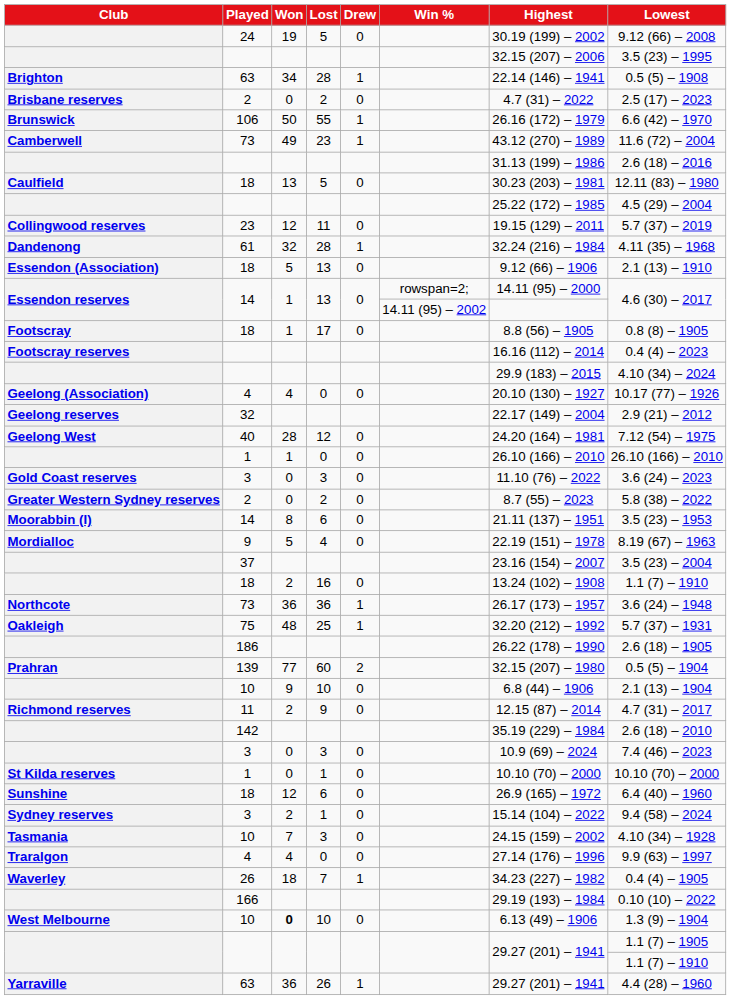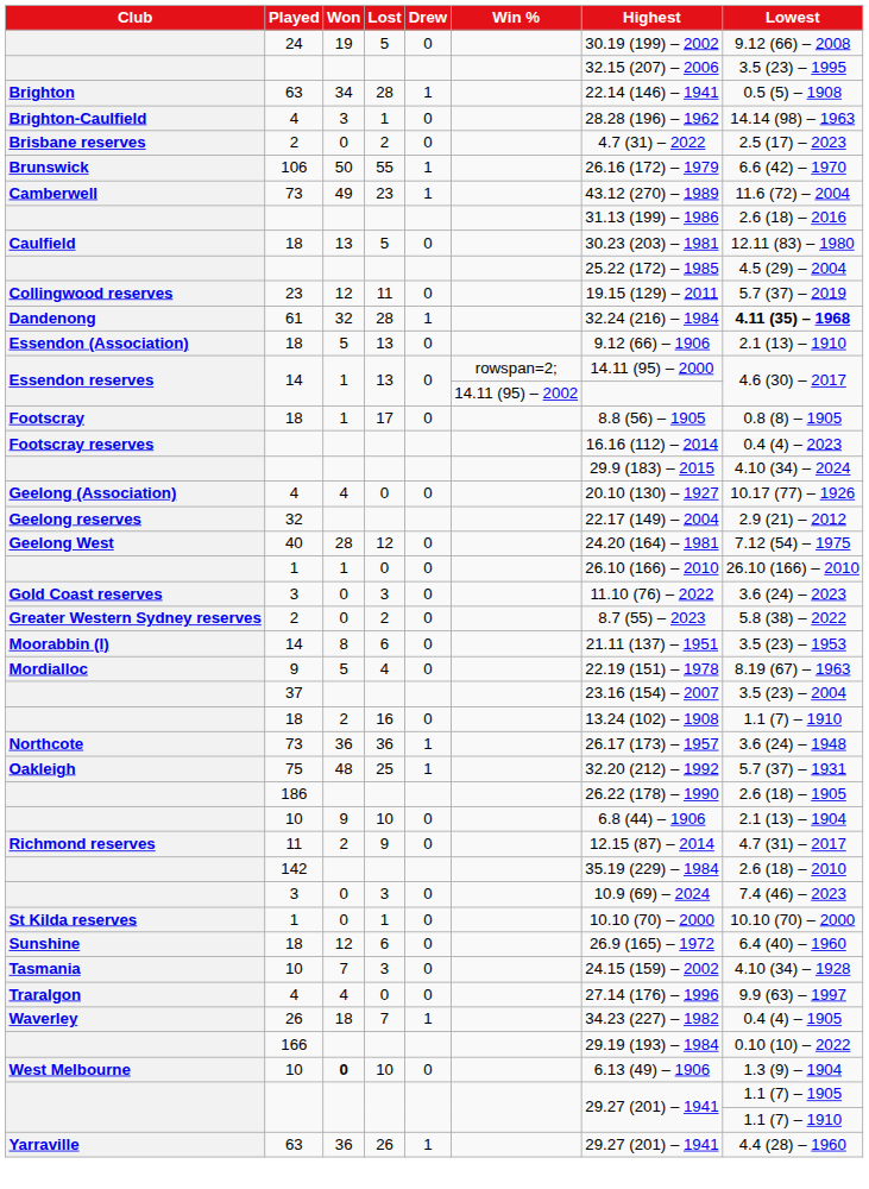 <table class="wikitable" style="text-align:center">
 <tr style="color:#FFFFFF; text-align:center; background:#E41118;">
 <td><strong>Club</strong></td>
 <td><strong>Played</strong></td>
 <td><strong>Won</strong></td>
 <td><strong>Lost</strong></td>
 <td><strong>Drew</strong></td>
 <td><strong>Win %</strong></td>
 <td><strong>Highest</strong></td>
 <td><strong>Lowest</strong></td>
 </tr>
 <tr>
 <th style=text-align:left></th>
 <td>24</td>
 <td>19</td>
 <td>5</td>
 <td>0</td>
 <td></td>
 <td>30.19 (199) – <a href='#'>2002</a></td>
 <td>9.12 (66) – <a href='#'>2008</a></td>
 </tr>
 <tr>
 <th style=text-align:left></th>
 <td></td>
 <td></td>
 <td></td>
 <td></td>
 <td></td>
 <td>32.15 (207) – <a href='#'>2006</a></td>
 <td>3.5 (23) – <a href='#'>1995</a></td>
 </tr>
 <tr>
 <th style=text-align:left><a href='#'>Brighton</a></th>
 <td>63</td>
 <td>34</td>
 <td>28</td>
 <td>1</td>
 <td></td>
 <td>22.14 (146) – <a href='#'>1941</a></td>
 <td>0.5 (5) – <a href='#'>1908</a></td>
+</tr>
+<tr>
+<th style=text-align:left><a href='#'>Brighton-Caulfield</a></th>
+<td>4</td>
+<td>3</td>
+<td>1</td>
+<td>0</td>
+<td></td>
+<td>28.28 (196) – <a href='#'>1962</a></td>
+<td>14.14 (98) – <a href='#'>1963</a></td>
 </tr>
 <tr>
 <th style=text-align:left><a href='#'>Brisbane reserves</a></th>
 <td>2</td>
 <td>0</td>
 <td>2</td>
 <td>0</td>
 <td></td>
 <td>4.7 (31) – <a href='#'>2022</a></td>
 <td>2.5 (17) – <a href='#'>2023</a></td>
 </tr>
 <tr>
 <th style=text-align:left><a href='#'>Brunswick</a></th>
 <td>106</td>
 <td>50</td>
 <td>55</td>
 <td>1</td>
 <td></td>
 <td>26.16 (172) – <a href='#'>1979</a></td>
 <td>6.6 (42) – <a href='#'>1970</a></td>
 </tr>
 <tr>
 <th style=text-align:left><a href='#'>Camberwell</a></th>
 <td>73</td>
 <td>49</td>
 <td>23</td>
 <td>1</td>
 <td></td>
 <td>43.12 (270) – <a href='#'>1989</a></td>
 <td>11.6 (72) – <a href='#'>2004</a></td>
 </tr>
 <tr>
 <th style=text-align:left></th>
 <td></td>
 <td></td>
 <td></td>
 <td></td>
 <td></td>
 <td>31.13 (199) – <a href='#'>1986</a></td>
 <td>2.6 (18) – <a href='#'>2016</a></td>
 </tr>
 <tr>
 <th style=text-align:left><a href='#'>Caulfield</a></th>
 <td>18</td>
 <td>13</td>
 <td>5</td>
 <td>0</td>
 <td></td>
 <td>30.23 (203) – <a href='#'>1981</a></td>
 <td>12.11 (83) – <a href='#'>1980</a></td>
 </tr>
 <tr>
 <th style=text-align:left></th>
 <td></td>
 <td></td>
 <td></td>
 <td></td>
 <td></td>
 <td>25.22 (172) – <a href='#'>1985</a></td>
 <td>4.5 (29) – <a href='#'>2004</a></td>
 </tr>
 <tr>
 <th style=text-align:left><a href='#'>Collingwood reserves</a></th>
 <td>23</td>
 <td>12</td>
 <td>11</td>
 <td>0</td>
 <td></td>
 <td>19.15 (129) – <a href='#'>2011</a></td>
 <td>5.7 (37) – <a href='#'>2019</a></td>
 </tr>
 <tr>
 <th style=text-align:left><a href='#'>Dandenong</a></th>
 <td>61</td>
 <td>32</td>
 <td>28</td>
 <td>1</td>
 <td></td>
 <td>32.24 (216) – <a href='#'>1984</a></td>
-<td>4.11 (35) – <a href='#'>1968</a></td>
+<td><strong>4.11 (35) – <a href='#'>1968</a></strong></td>
 </tr>
 <tr>
 <th style=text-align:left><a href='#'>Essendon (Association)</a></th>
 <td>18</td>
 <td>5</td>
 <td>13</td>
 <td>0</td>
 <td></td>
 <td>9.12 (66) – <a href='#'>1906</a></td>
 <td>2.1 (13) – <a href='#'>1910</a></td>
 </tr>
 <tr>
 <th rowspan=2; style=text-align:left><a href='#'>Essendon reserves</a></th>
 <td rowspan=2>14</td>
 <td rowspan=2>1</td>
 <td rowspan=2>13</td>
 <td rowspan=2>0</td>
 <td>rowspan=2; </td>
 <td>14.11 (95) – <a href='#'>2000</a></td>
 <td rowspan=2>4.6 (30) – <a href='#'>2017</a></td>
 </tr>
 <tr>
 <td>14.11 (95) – <a href='#'>2002</a></td>
 </tr>
 <tr>
 <th style=text-align:left><a href='#'>Footscray</a></th>
 <td>18</td>
 <td>1</td>
 <td>17</td>
 <td>0</td>
 <td></td>
 <td>8.8 (56) – <a href='#'>1905</a></td>
 <td>0.8 (8) – <a href='#'>1905</a></td>
 </tr>
 <tr>
 <th style=text-align:left><a href='#'>Footscray reserves</a></th>
 <td></td>
 <td></td>
 <td></td>
 <td></td>
 <td></td>
 <td>16.16 (112) – <a href='#'>2014</a></td>
 <td>0.4 (4) – <a href='#'>2023</a></td>
 </tr>
 <tr>
 <th style=text-align:left></th>
 <td></td>
 <td></td>
 <td></td>
 <td></td>
 <td></td>
 <td>29.9 (183) – <a href='#'>2015</a></td>
 <td>4.10 (34) – <a href='#'>2024</a></td>
 </tr>
 <tr>
 <th style=text-align:left><a href='#'>Geelong (Association)</a></th>
 <td>4</td>
 <td>4</td>
 <td>0</td>
 <td>0</td>
 <td></td>
 <td>20.10 (130) – <a href='#'>1927</a></td>
 <td>10.17 (77) – <a href='#'>1926</a></td>
 </tr>
 <tr>
 <th style=text-align:left><a href='#'>Geelong reserves</a></th>
 <td>32</td>
 <td></td>
 <td></td>
 <td></td>
 <td></td>
 <td>22.17 (149) – <a href='#'>2004</a></td>
 <td>2.9 (21) – <a href='#'>2012</a></td>
 </tr>
 <tr>
 <th style=text-align:left><a href='#'>Geelong West</a></th>
 <td>40</td>
 <td>28</td>
 <td>12</td>
 <td>0</td>
 <td></td>
 <td>24.20 (164) – <a href='#'>1981</a></td>
 <td>7.12 (54) – <a href='#'>1975</a></td>
 </tr>
 <tr>
 <th style=text-align:left></th>
 <td>1</td>
 <td>1</td>
 <td>0</td>
 <td>0</td>
 <td></td>
 <td>26.10 (166) – <a href='#'>2010</a></td>
 <td>26.10 (166) – <a href='#'>2010</a></td>
 </tr>
 <tr>
 <th style=text-align:left><a href='#'>Gold Coast reserves</a></th>
 <td>3</td>
 <td>0</td>
 <td>3</td>
 <td>0</td>
 <td></td>
 <td>11.10 (76) – <a href='#'>2022</a></td>
 <td>3.6 (24) – <a href='#'>2023</a></td>
 </tr>
 <tr>
 <th style=text-align:left><a href='#'>Greater Western Sydney reserves</a></th>
 <td>2</td>
 <td>0</td>
 <td>2</td>
 <td>0</td>
 <td></td>
 <td>8.7 (55) – <a href='#'>2023</a></td>
 <td>5.8 (38) – <a href='#'>2022</a></td>
 </tr>
 <tr>
 <th style=text-align:left><a href='#'>Moorabbin (I)</a></th>
 <td>14</td>
 <td>8</td>
 <td>6</td>
 <td>0</td>
 <td></td>
 <td>21.11 (137) – <a href='#'>1951</a></td>
 <td>3.5 (23) – <a href='#'>1953</a></td>
 </tr>
 <tr>
 <th style=text-align:left><a href='#'>Mordialloc</a></th>
 <td>9</td>
 <td>5</td>
 <td>4</td>
 <td>0</td>
 <td></td>
 <td>22.19 (151) – <a href='#'>1978</a></td>
 <td>8.19 (67) – <a href='#'>1963</a></td>
 </tr>
 <tr>
 <th style=text-align:left></th>
 <td>37</td>
 <td></td>
 <td></td>
 <td></td>
 <td></td>
 <td>23.16 (154) – <a href='#'>2007</a></td>
 <td>3.5 (23) – <a href='#'>2004</a></td>
 </tr>
 <tr>
 <th style=text-align:left></th>
 <td>18</td>
 <td>2</td>
 <td>16</td>
 <td>0</td>
 <td></td>
 <td>13.24 (102) – <a href='#'>1908</a></td>
 <td>1.1 (7) – <a href='#'>1910</a></td>
 </tr>
 <tr>
 <th style=text-align:left><a href='#'>Northcote</a></th>
 <td>73</td>
 <td>36</td>
 <td>36</td>
 <td>1</td>
 <td></td>
 <td>26.17 (173) – <a href='#'>1957</a></td>
 <td>3.6 (24) – <a href='#'>1948</a></td>
 </tr>
 <tr>
 <th style=text-align:left><a href='#'>Oakleigh</a></th>
 <td>75</td>
 <td>48</td>
 <td>25</td>
 <td>1</td>
 <td></td>
 <td>32.20 (212) – <a href='#'>1992</a></td>
 <td>5.7 (37) – <a href='#'>1931</a></td>
 </tr>
 <tr>
 <th style=text-align:left></th>
 <td>186</td>
 <td></td>
 <td></td>
 <td></td>
 <td></td>
 <td>26.22 (178) – <a href='#'>1990</a></td>
 <td>2.6 (18) – <a href='#'>1905</a></td>
 </tr>
 <tr>
-<th style=text-align:left><a href='#'>Prahran</a></th>
-<td>139</td>
-<td>77</td>
-<td>60</td>
-<td>2</td>
-<td></td>
-<td>32.15 (207) – <a href='#'>1980</a></td>
-<td>0.5 (5) – <a href='#'>1904</a></td>
-</tr>
-<tr>
 <th style=text-align:left></th>
 <td>10</td>
 <td>9</td>
 <td>10</td>
 <td>0</td>
 <td></td>
 <td>6.8 (44) – <a href='#'>1906</a></td>
 <td>2.1 (13) – <a href='#'>1904</a></td>
 </tr>
 <tr>
 <th style=text-align:left><a href='#'>Richmond reserves</a></th>
 <td>11</td>
 <td>2</td>
 <td>9</td>
 <td>0</td>
 <td></td>
 <td>12.15 (87) – <a href='#'>2014</a></td>
 <td>4.7 (31) – <a href='#'>2017</a></td>
 </tr>
 <tr>
 <th style=text-align:left></th>
 <td>142</td>
 <td></td>
 <td></td>
 <td></td>
 <td></td>
 <td>35.19 (229) – <a href='#'>1984</a></td>
 <td>2.6 (18) – <a href='#'>2010</a></td>
 </tr>
 <tr>
 <th style=text-align:left></th>
 <td>3</td>
 <td>0</td>
 <td>3</td>
 <td>0</td>
 <td></td>
 <td>10.9 (69) – <a href='#'>2024</a></td>
 <td>7.4 (46) – <a href='#'>2023</a></td>
 </tr>
 <tr>
 <th style=text-align:left><a href='#'>St Kilda reserves</a></th>
 <td>1</td>
 <td>0</td>
 <td>1</td>
 <td>0</td>
 <td></td>
 <td>10.10 (70) – <a href='#'>2000</a></td>
 <td>10.10 (70) – <a href='#'>2000</a></td>
 </tr>
 <tr>
 <th style=text-align:left><a href='#'>Sunshine</a></th>
 <td>18</td>
 <td>12</td>
 <td>6</td>
 <td>0</td>
 <td></td>
 <td>26.9 (165) – <a href='#'>1972</a></td>
 <td>6.4 (40) – <a href='#'>1960</a></td>
-</tr>
-<tr>
-<th style=text-align:left><a href='#'>Sydney reserves</a></th>
-<td>3</td>
-<td>2</td>
-<td>1</td>
-<td>0</td>
-<td></td>
-<td>15.14 (104) – <a href='#'>2022</a></td>
-<td>9.4 (58) – <a href='#'>2024</a></td>
 </tr>
 <tr>
 <th style=text-align:left><a href='#'>Tasmania</a></th>
 <td>10</td>
 <td>7</td>
 <td>3</td>
 <td>0</td>
 <td></td>
 <td>24.15 (159) – <a href='#'>2002</a></td>
 <td>4.10 (34) – <a href='#'>1928</a></td>
 </tr>
 <tr>
 <th style=text-align:left><a href='#'>Traralgon</a></th>
 <td>4</td>
 <td>4</td>
 <td>0</td>
 <td>0</td>
 <td></td>
 <td>27.14 (176) – <a href='#'>1996</a></td>
 <td>9.9 (63) – <a href='#'>1997</a></td>
 </tr>
 <tr>
 <th style=text-align:left><a href='#'>Waverley</a></th>
 <td>26</td>
 <td>18</td>
 <td>7</td>
 <td>1</td>
 <td></td>
 <td>34.23 (227) – <a href='#'>1982</a></td>
 <td>0.4 (4) – <a href='#'>1905</a></td>
 </tr>
 <tr>
 <th style=text-align:left></th>
 <td>166</td>
 <td></td>
 <td></td>
 <td></td>
 <td></td>
 <td>29.19 (193) – <a href='#'>1984</a></td>
 <td>0.10 (10) – <a href='#'>2022</a></td>
 </tr>
 <tr>
 <th style=text-align:left><a href='#'>West Melbourne</a></th>
 <td>10</td>
 <td><strong>0</strong></td>
 <td>10</td>
 <td>0</td>
 <td></td>
 <td>6.13 (49) – <a href='#'>1906</a></td>
 <td>1.3 (9) – <a href='#'>1904</a></td>
 </tr>
 <tr>
 <th rowspan=2; style=text-align:left></th>
 <td rowspan=2></td>
 <td rowspan=2></td>
 <td rowspan=2></td>
 <td rowspan=2></td>
 <td rowspan=2></td>
 <td rowspan=2>29.27 (201) – <a href='#'>1941</a></td>
 <td>1.1 (7) – <a href='#'>1905</a></td>
 </tr>
 <tr>
 <td>1.1 (7) – <a href='#'>1910</a></td>
 </tr>
 <tr>
 <th style=text-align:left><a href='#'>Yarraville</a></th>
 <td>63</td>
 <td>36</td>
 <td>26</td>
 <td>1</td>
 <td></td>
 <td>29.27 (201) – <a href='#'>1941</a></td>
 <td>4.4 (28) – <a href='#'>1960</a></td>
 </tr>
 </table>
